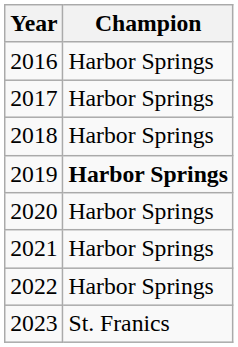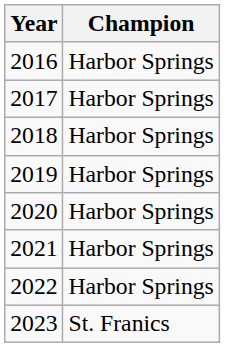 <table class=wikitable>
 <tr>
 <th>Year</th>
 <th>Champion</th>
 </tr>
 <tr>
 <td>2016</td>
 <td>Harbor Springs</td>
 </tr>
 <tr>
 <td>2017</td>
 <td>Harbor Springs</td>
 </tr>
 <tr>
 <td>2018</td>
 <td>Harbor Springs</td>
 </tr>
 <tr>
 <td>2019</td>
-<td><strong>Harbor Springs</strong></td>
+<td>Harbor Springs</td>
 </tr>
 <tr>
 <td>2020</td>
 <td>Harbor Springs</td>
 </tr>
 <tr>
 <td>2021</td>
 <td>Harbor Springs</td>
 </tr>
 <tr>
 <td>2022</td>
 <td>Harbor Springs</td>
 </tr>
 <tr>
 <td>2023</td>
 <td>St. Franics</td>
 </tr>
 </table>
